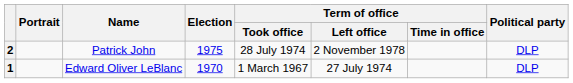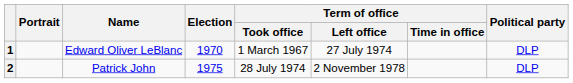 <table class="wikitable" style="text-align:center">
 <tr>
 <th rowspan=2></th>
 <th rowspan=2>Portrait</th>
 <th rowspan=2>Name<br></th>
 <th rowspan=2>Election</th>
 <th colspan=3>Term of office</th>
 <th rowspan=2>Political party</th>
 </tr>
 <tr>
 <th>Took office</th>
 <th>Left office</th>
 <th>Time in office</th>
 </tr>
 <tr>
+<th style="background:">1</th>
+<td></td>
+<td><a href='#'>Edward Oliver LeBlanc</a><br></td>
+<td><a href='#'>1970</a></td>
+<td>1 March 1967</td>
+<td>27 July 1974</td>
+<td></td>
+<td><a href='#'>DLP</a></td>
+</tr>
+<tr>
 <th style="background:">2</th>
 <td></td>
 <td><a href='#'>Patrick John</a><br></td>
 <td><a href='#'>1975</a></td>
 <td>28 July 1974</td>
 <td>2 November 1978</td>
 <td></td>
 <td><a href='#'>DLP</a></td>
 </tr>
-<tr>
-<th style="background:">1</th>
-<td></td>
-<td><a href='#'>Edward Oliver LeBlanc</a><br></td>
-<td><a href='#'>1970</a></td>
-<td>1 March 1967</td>
-<td>27 July 1974</td>
-<td></td>
-<td><a href='#'>DLP</a></td>
-</tr>
 </table>
